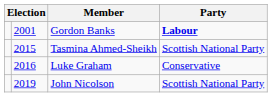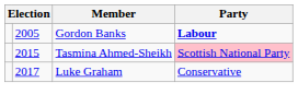 <table class="wikitable">
 <tr>
 <th colspan=2>Election</th>
 <th>Member</th>
 <th>Party</th>
 </tr>
 <tr>
 <td style="color:inherit;background-color: "></td>
-<td><a href='#'>2001</a></td>
+<td><a href='#'>2005</a></td>
 <td><a href='#'>Gordon Banks</a></td>
 <td><strong><a href='#'>Labour</a></strong></td>
 </tr>
 <tr>
 <td style="color:inherit;background-color: "></td>
 <td><a href='#'>2015</a></td>
 <td><a href='#'>Tasmina Ahmed-Sheikh</a></td>
-<td><a href='#'>Scottish National Party</a></td>
+<td style="background: pink;"><a href='#'>Scottish National Party</a></td>
 </tr>
 <tr>
 <td style="color:inherit;background-color: "></td>
-<td><a href='#'>2016</a></td>
+<td><a href='#'>2017</a></td>
 <td><a href='#'>Luke Graham</a></td>
 <td><a href='#'>Conservative</a></td>
 </tr>
-<tr>
-<td style="color:inherit;background-color: "></td>
-<td><a href='#'>2019</a></td>
-<td><a href='#'>John Nicolson</a></td>
-<td><a href='#'>Scottish National Party</a></td>
-</tr>
 </table>
